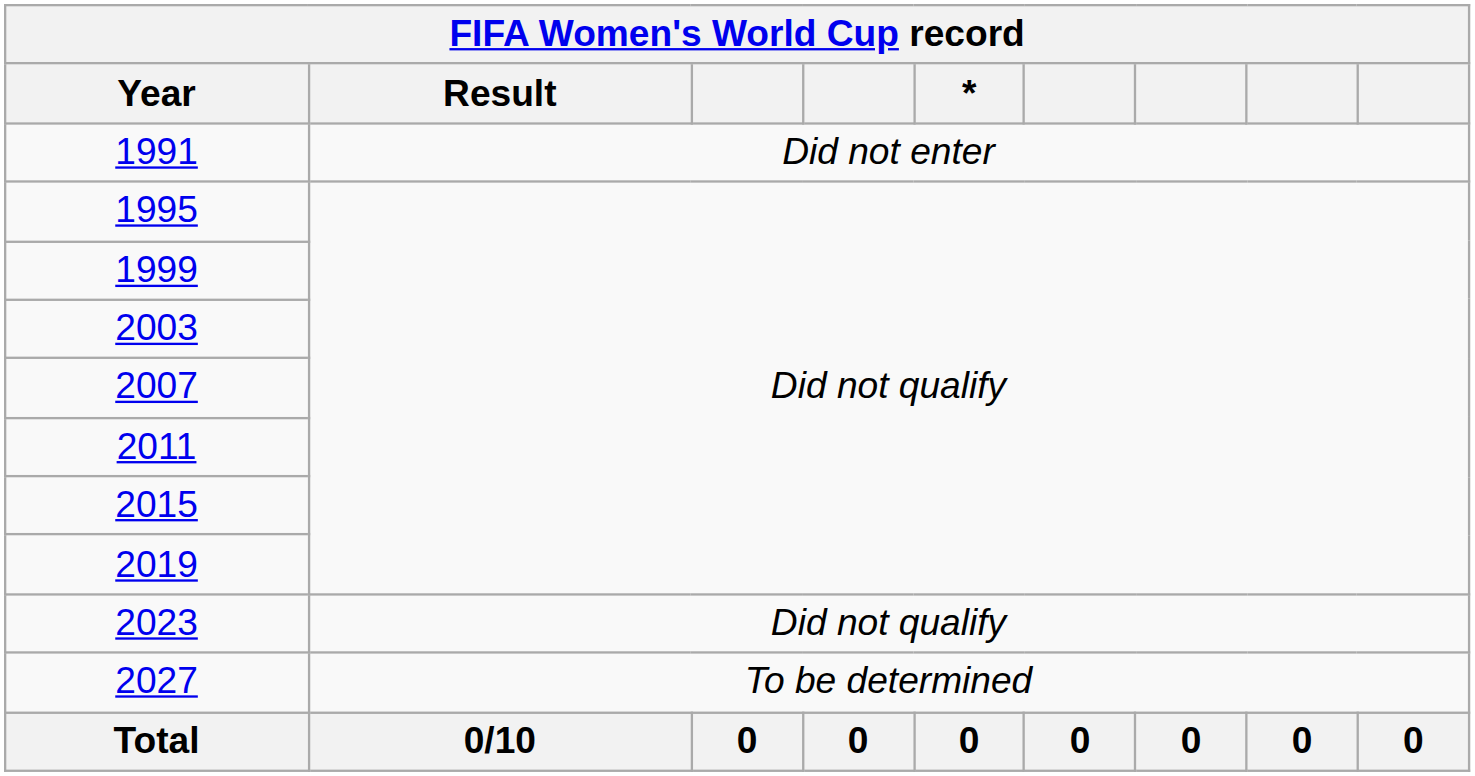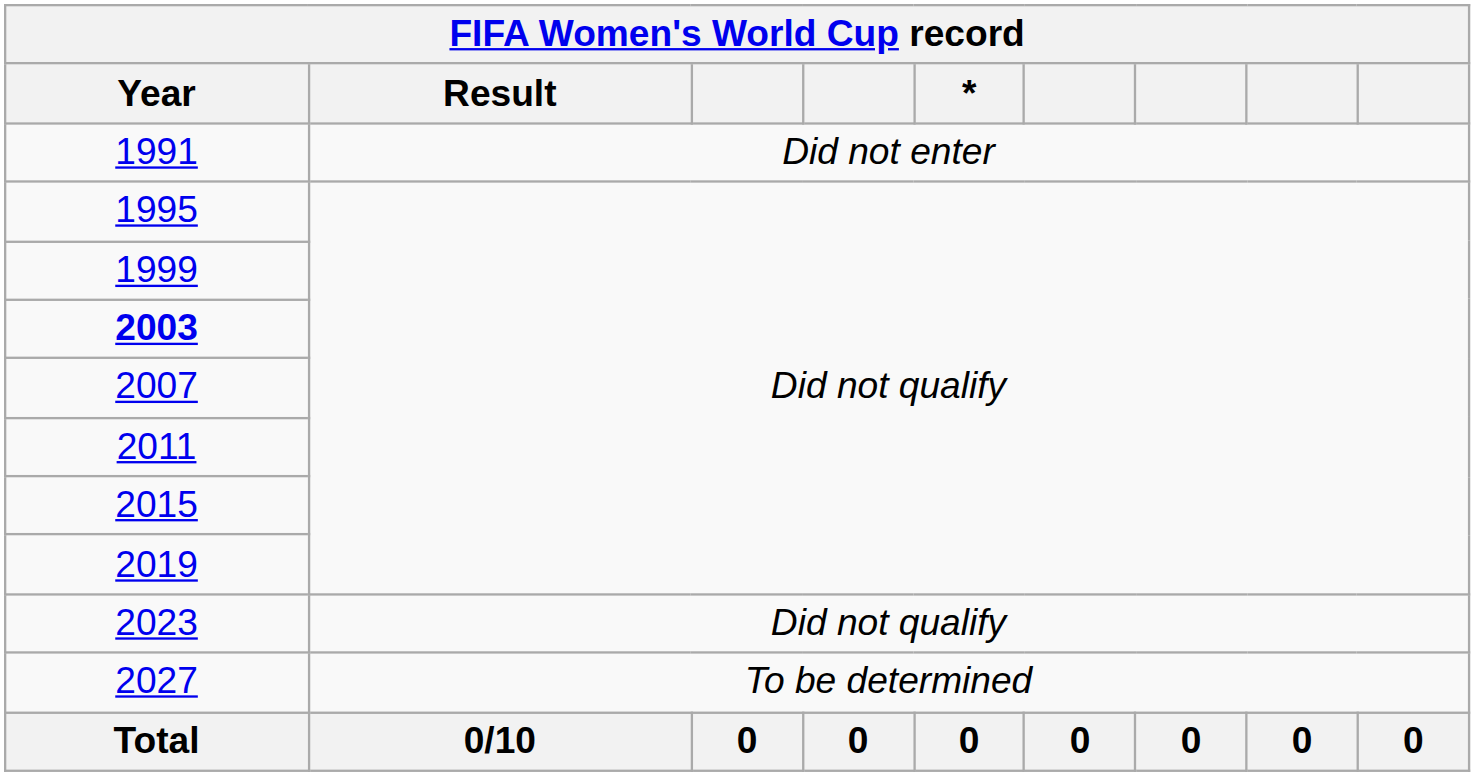 <table class="wikitable" style="text-align: center; width:50%;">
 <tr>
 <th colspan=10><a href='#'>FIFA Women's World Cup</a> record</th>
 </tr>
 <tr>
 <th>Year</th>
 <th>Result</th>
 <th></th>
 <th></th>
 <th>*</th>
 <th></th>
 <th></th>
 <th></th>
 <th></th>
 </tr>
 <tr>
 <td> <a href='#'>1991</a></td>
 <td rowspan=1 colspan=8><em>Did not enter</em></td>
 </tr>
 <tr>
 <td> <a href='#'>1995</a></td>
 <td colspan=8 rowspan=7><em>Did not qualify</em></td>
 </tr>
 <tr>
 <td> <a href='#'>1999</a></td>
 </tr>
 <tr>
-<td> <a href='#'>2003</a></td>
+<td><strong> <a href='#'>2003</a></strong></td>
 </tr>
 <tr>
 <td> <a href='#'>2007</a></td>
 </tr>
 <tr>
 <td> <a href='#'>2011</a></td>
 </tr>
 <tr>
 <td> <a href='#'>2015</a></td>
 </tr>
 <tr>
 <td> <a href='#'>2019</a></td>
 </tr>
 <tr>
 <td> <a href='#'>2023</a></td>
 <td colspan=8><em>Did not qualify</em></td>
 </tr>
 <tr>
 <td> <a href='#'>2027</a></td>
 <td colspan=8><em>To be determined</em></td>
 </tr>
 <tr>
 <th>Total</th>
 <th>0/10</th>
 <th>0</th>
 <th>0</th>
 <th>0</th>
 <th>0</th>
 <th>0</th>
 <th>0</th>
 <th>0</th>
 </tr>
 </table>
